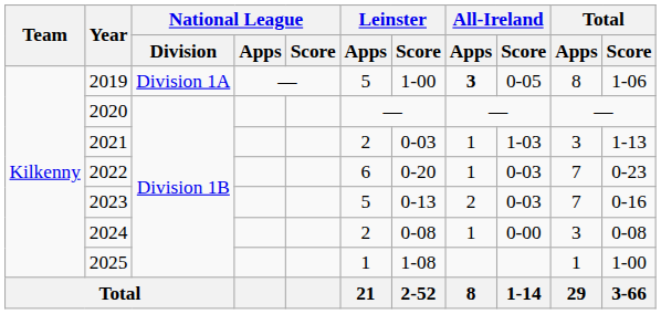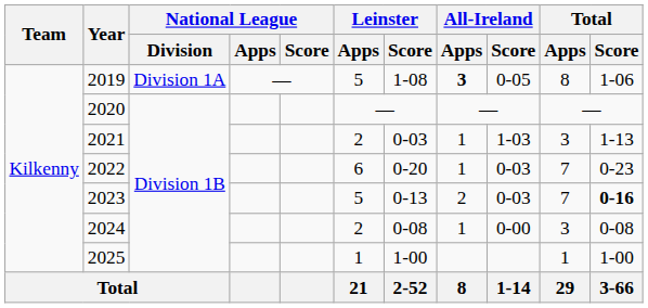 <table class="wikitable" style="text-align:center">
 <tr>
 <th rowspan="2">Team</th>
 <th rowspan="2">Year</th>
 <th colspan="3"><a href='#'>National League</a></th>
 <th colspan="2"><a href='#'>Leinster</a></th>
 <th colspan="2"><a href='#'>All-Ireland</a></th>
 <th colspan="2">Total</th>
 </tr>
 <tr>
 <th>Division</th>
 <th>Apps</th>
 <th>Score</th>
 <th>Apps</th>
 <th>Score</th>
 <th>Apps</th>
 <th>Score</th>
 <th>Apps</th>
 <th>Score</th>
 </tr>
 <tr>
 <td rowspan="7"><a href='#'>Kilkenny</a></td>
 <td>2019</td>
 <td rowspan="1"><a href='#'>Division 1A</a></td>
 <td colspan="2">—</td>
 <td>5</td>
-<td>1-00</td>
+<td>1-08</td>
 <td><strong>3</strong></td>
 <td>0-05</td>
 <td>8</td>
 <td>1-06</td>
 </tr>
 <tr>
 <td>2020</td>
 <td rowspan="6"><a href='#'>Division 1B</a></td>
 <td></td>
 <td></td>
 <td colspan="2">—</td>
 <td colspan="2">—</td>
 <td colspan="2">—</td>
 </tr>
 <tr>
 <td>2021</td>
 <td></td>
 <td></td>
 <td>2</td>
 <td>0-03</td>
 <td>1</td>
 <td>1-03</td>
 <td>3</td>
 <td>1-13</td>
 </tr>
 <tr>
 <td>2022</td>
 <td></td>
 <td></td>
 <td>6</td>
 <td>0-20</td>
 <td>1</td>
 <td>0-03</td>
 <td>7</td>
 <td>0-23</td>
 </tr>
 <tr>
 <td>2023</td>
 <td></td>
 <td></td>
 <td>5</td>
 <td>0-13</td>
 <td>2</td>
 <td>0-03</td>
 <td>7</td>
-<td>0-16</td>
+<td><strong>0-16</strong></td>
 </tr>
 <tr>
 <td>2024</td>
 <td></td>
 <td></td>
 <td>2</td>
 <td>0-08</td>
 <td>1</td>
 <td>0-00</td>
 <td>3</td>
 <td>0-08</td>
 </tr>
 <tr>
 <td>2025</td>
 <td></td>
 <td></td>
 <td>1</td>
-<td>1-08</td>
+<td>1-00</td>
 <td></td>
 <td></td>
 <td>1</td>
 <td>1-00</td>
 </tr>
 <tr>
 <th colspan="3">Total</th>
 <th></th>
 <th></th>
 <th>21</th>
 <th>2-52</th>
 <th>8</th>
 <th>1-14</th>
 <th>29</th>
 <th>3-66</th>
 </tr>
 </table>
